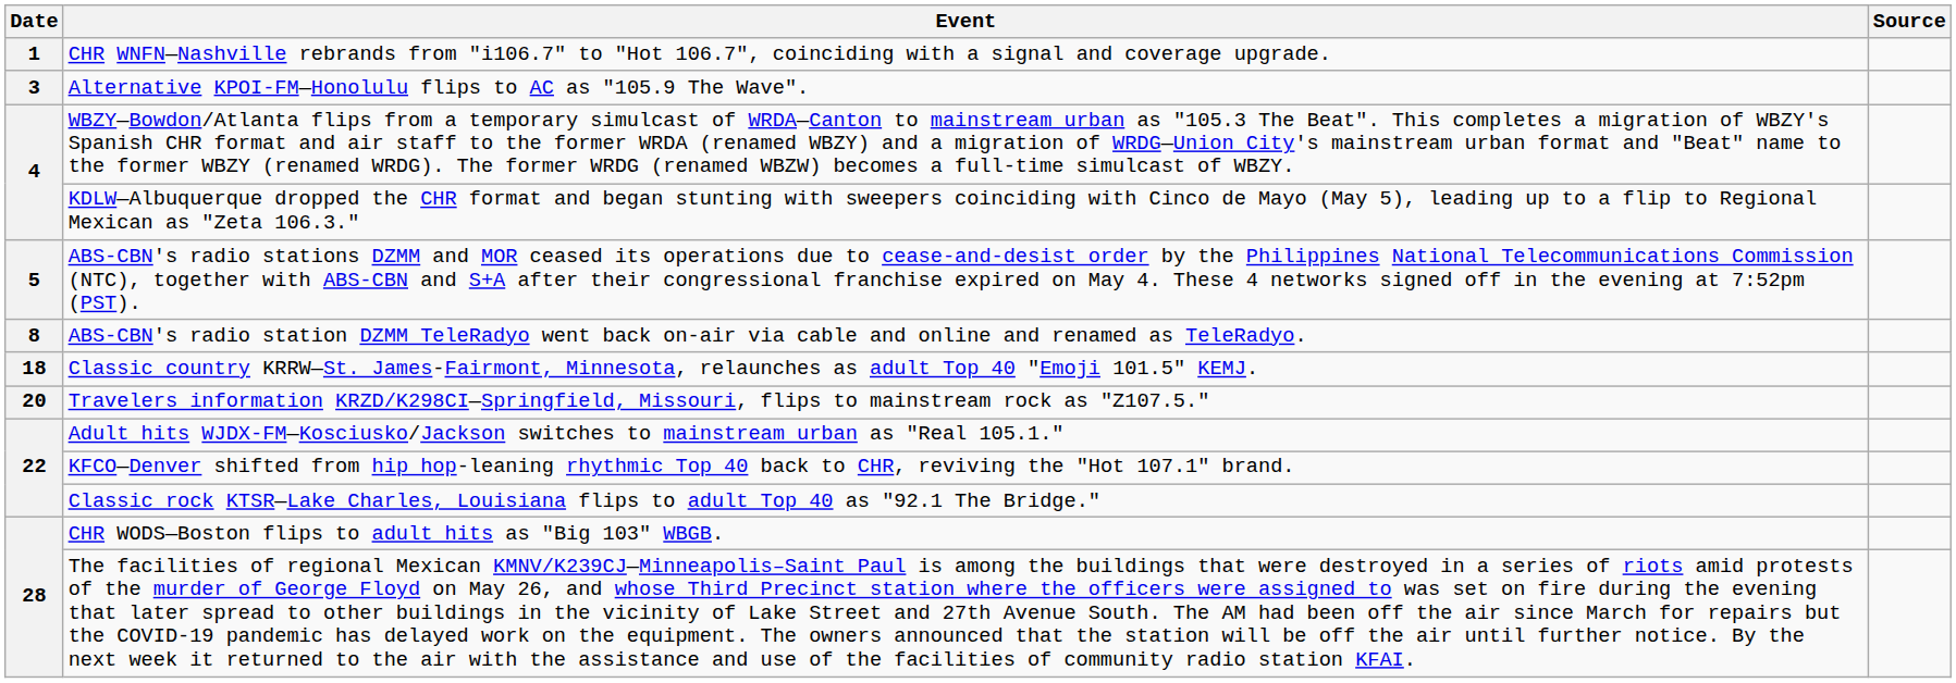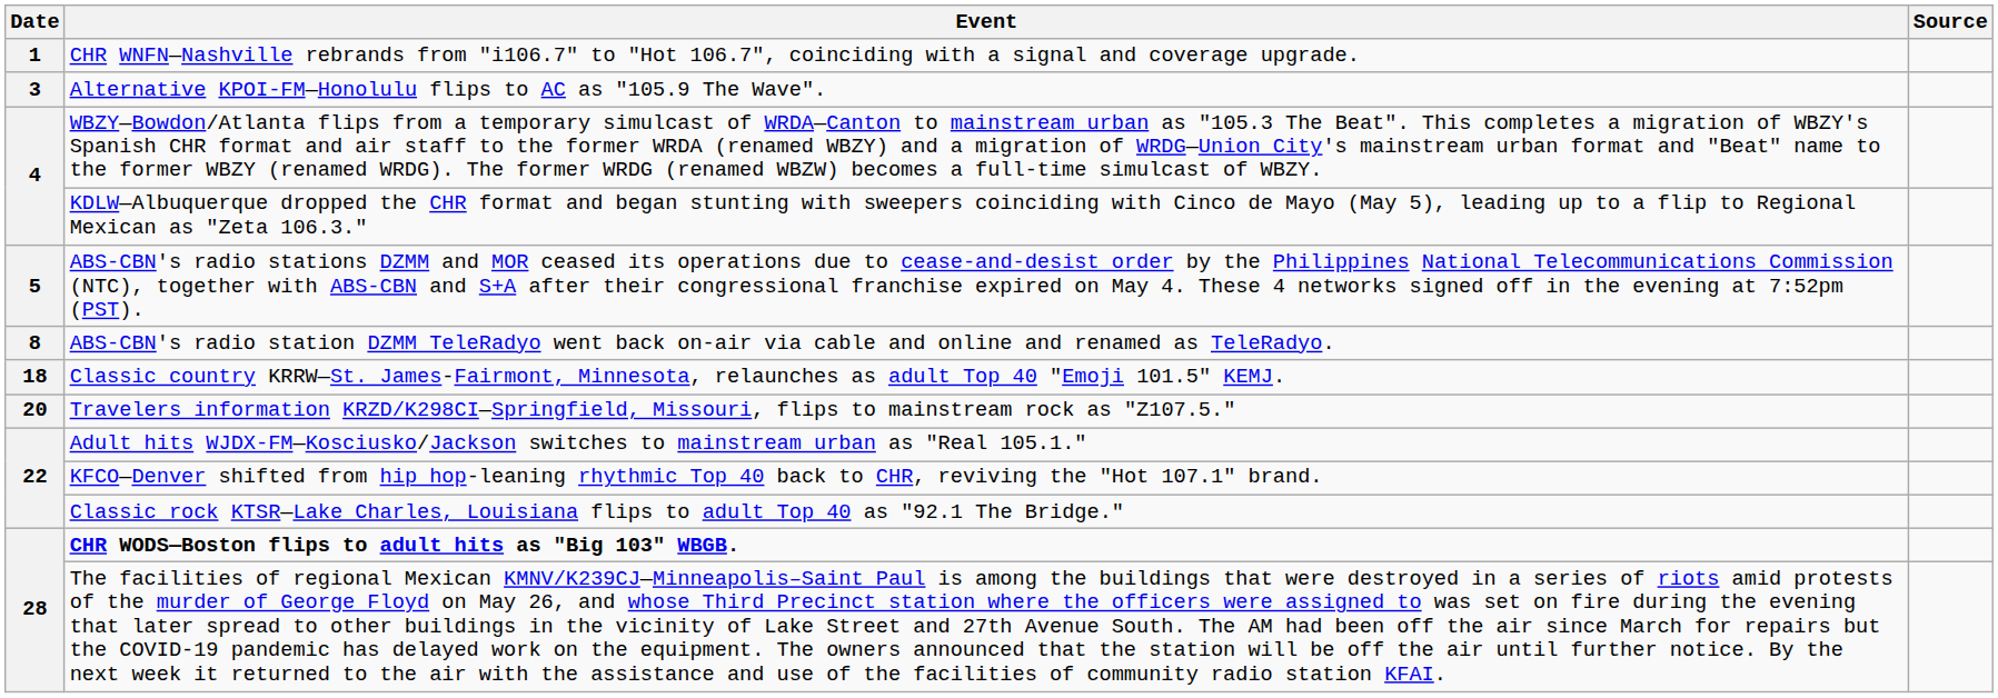 <table class="wikitable">
 <tr>
 <th>Date</th>
 <th>Event</th>
 <th>Source</th>
 </tr>
 <tr>
 <th>1</th>
 <td><a href='#'>CHR</a> <a href='#'>WNFN</a>—<a href='#'>Nashville</a> rebrands from "i106.7" to "Hot 106.7", coinciding with a signal and coverage upgrade.</td>
 <td></td>
 </tr>
 <tr>
 <th>3</th>
 <td><a href='#'>Alternative</a> <a href='#'>KPOI-FM</a>—<a href='#'>Honolulu</a> flips to <a href='#'>AC</a> as "105.9 The Wave".</td>
 <td></td>
 </tr>
 <tr>
 <th rowspan=2>4</th>
 <td><a href='#'>WBZY</a>—<a href='#'>Bowdon</a>/Atlanta flips from a temporary simulcast of <a href='#'>WRDA</a>—<a href='#'>Canton</a> to <a href='#'>mainstream urban</a> as "105.3 The Beat". This completes a migration of WBZY's Spanish CHR format and air staff to the former WRDA (renamed WBZY) and a migration of <a href='#'>WRDG</a>—<a href='#'>Union City</a>'s mainstream urban format and "Beat" name to the former WBZY (renamed WRDG). The former WRDG (renamed WBZW) becomes a full-time simulcast of WBZY.</td>
 <td></td>
 </tr>
 <tr>
 <td><a href='#'>KDLW</a>—Albuquerque dropped the <a href='#'>CHR</a> format and began stunting with sweepers coinciding with Cinco de Mayo (May 5), leading up to a flip to Regional Mexican as "Zeta 106.3."</td>
 <td></td>
 </tr>
 <tr>
 <th>5</th>
 <td><a href='#'>ABS-CBN</a>'s radio stations <a href='#'>DZMM</a> and <a href='#'>MOR</a> ceased its operations due to <a href='#'>cease-and-desist order</a> by the <a href='#'>Philippines</a> <a href='#'>National Telecommunications Commission</a> (NTC), together with <a href='#'>ABS-CBN</a> and <a href='#'>S+A</a> after their congressional franchise expired on May 4. These 4 networks signed off in the evening at 7:52pm (<a href='#'>PST</a>).</td>
 <td></td>
 </tr>
 <tr>
 <th>8</th>
 <td><a href='#'>ABS-CBN</a>'s radio station <a href='#'>DZMM TeleRadyo</a> went back on-air via cable and online and renamed as <a href='#'>TeleRadyo</a>.</td>
 <td></td>
 </tr>
 <tr>
 <th>18</th>
 <td><a href='#'>Classic country</a> KRRW—<a href='#'>St. James</a>-<a href='#'>Fairmont, Minnesota</a>, relaunches as <a href='#'>adult Top 40</a> "<a href='#'>Emoji</a> 101.5" <a href='#'>KEMJ</a>.</td>
 <td></td>
 </tr>
 <tr>
 <th>20</th>
 <td><a href='#'>Travelers information</a> <a href='#'>KRZD/K298CI</a>—<a href='#'>Springfield, Missouri</a>, flips to mainstream rock as "Z107.5."</td>
 <td></td>
 </tr>
 <tr>
 <th rowspan=3>22</th>
 <td><a href='#'>Adult hits</a> <a href='#'>WJDX-FM</a>—<a href='#'>Kosciusko</a>/<a href='#'>Jackson</a> switches to <a href='#'>mainstream urban</a> as "Real 105.1."</td>
 <td></td>
 </tr>
 <tr>
 <td><a href='#'>KFCO</a>—<a href='#'>Denver</a> shifted from <a href='#'>hip hop</a>-leaning <a href='#'>rhythmic Top 40</a> back to <a href='#'>CHR</a>, reviving the "Hot 107.1" brand.</td>
 <td></td>
 </tr>
 <tr>
 <td><a href='#'>Classic rock</a> <a href='#'>KTSR</a>—<a href='#'>Lake Charles, Louisiana</a> flips to <a href='#'>adult Top 40</a> as "92.1 The Bridge."</td>
 <td></td>
 </tr>
 <tr>
 <th rowspan=2>28</th>
-<td><a href='#'>CHR</a> WODS—Boston flips to <a href='#'>adult hits</a> as "Big 103" <a href='#'>WBGB</a>.</td>
+<td><strong><a href='#'>CHR</a> WODS—Boston flips to <a href='#'>adult hits</a> as "Big 103" <a href='#'>WBGB</a>.</strong></td>
 <td></td>
 </tr>
 <tr>
 <td>The facilities of regional Mexican <a href='#'>KMNV/K239CJ</a>—<a href='#'>Minneapolis–Saint Paul</a> is among the buildings that were destroyed in a series of <a href='#'>riots</a> amid protests of the <a href='#'>murder of George Floyd</a> on May 26, and <a href='#'>whose Third Precinct station where the officers were assigned to</a> was set on fire during the evening that later spread to other buildings in the vicinity of Lake Street and 27th Avenue South. The AM had been off the air since March for repairs but the COVID-19 pandemic has delayed work on the equipment. The owners announced that the station will be off the air until further notice. By the next week it returned to the air with the assistance and use of the facilities of community radio station <a href='#'>KFAI</a>.</td>
 <td></td>
 </tr>
 </table>
